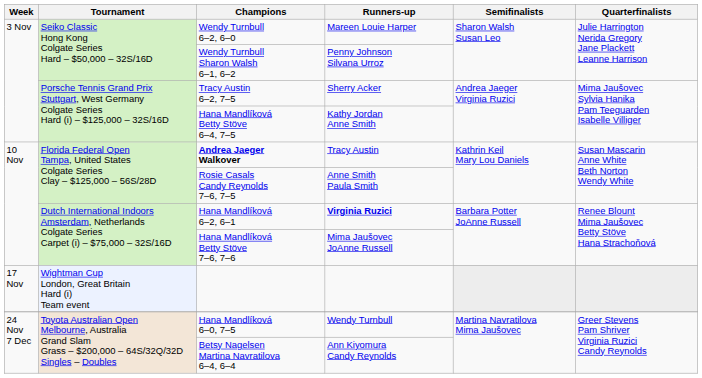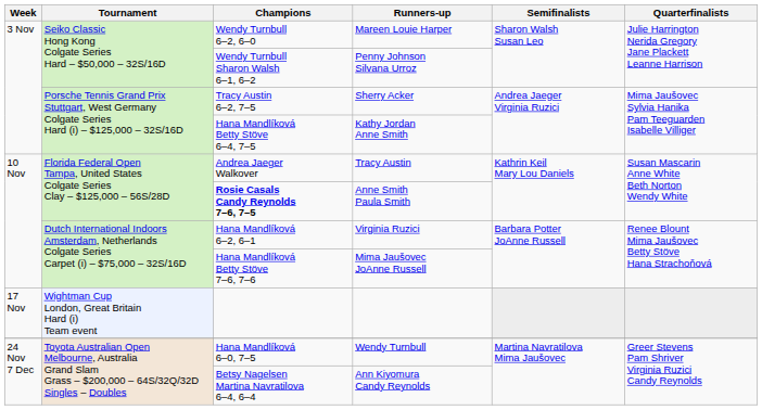 <table class=wikitable style=font-size:95%>
 <tr>
 <th style="width:48px;">Week</th>
 <th style="width:248px;">Tournament</th>
 <th style="width:200px;">Champions</th>
 <th style="width:200px;">Runners-up</th>
 <th style="width:190px;">Semifinalists</th>
 <th style="width:190px;">Quarterfinalists</th>
 </tr>
 <tr valign=top>
 <td rowspan=4>3 Nov</td>
 <td rowspan=2 bgcolor=#D4F1C5><a href='#'>Seiko Classic</a><br> Hong Kong <br>Colgate Series<br>Hard – $50,000 – 32S/16D</td>
 <td> <a href='#'>Wendy Turnbull</a><br>6–2, 6–0</td>
 <td> <a href='#'>Mareen Louie Harper</a></td>
 <td rowspan=2> <a href='#'>Sharon Walsh</a><br> <a href='#'>Susan Leo</a></td>
 <td rowspan=2> <a href='#'>Julie Harrington</a><br> <a href='#'>Nerida Gregory</a><br>  <a href='#'>Jane Plackett</a> <br> <a href='#'>Leanne Harrison</a></td>
 </tr>
 <tr valign="top">
 <td> <a href='#'>Wendy Turnbull</a><br> <a href='#'>Sharon Walsh</a> <br>6–1, 6–2</td>
 <td> <a href='#'>Penny Johnson</a><br> <a href='#'>Silvana Urroz</a></td>
 </tr>
 <tr valign=top>
 <td rowspan=2 bgcolor=#D4F1C5><a href='#'>Porsche Tennis Grand Prix</a><br> <a href='#'>Stuttgart</a>, West Germany <br>Colgate Series<br>Hard (i) – $125,000 – 32S/16D</td>
 <td> <a href='#'>Tracy Austin</a> <br>6–2, 7–5</td>
 <td> <a href='#'>Sherry Acker</a></td>
 <td rowspan=2> <a href='#'>Andrea Jaeger</a><br> <a href='#'>Virginia Ruzici</a></td>
 <td rowspan=2> <a href='#'>Mima Jaušovec</a><br>  <a href='#'>Sylvia Hanika</a><br>  <a href='#'>Pam Teeguarden</a><br> <a href='#'>Isabelle Villiger</a></td>
 </tr>
 <tr valign="top">
 <td> <a href='#'>Hana Mandlíková</a> <br> <a href='#'>Betty Stöve</a> <br>6–4, 7–5</td>
 <td> <a href='#'>Kathy Jordan</a> <br> <a href='#'>Anne Smith</a></td>
 </tr>
 <tr valign="top">
 <td rowspan=4>10 Nov</td>
 <td rowspan=2 bgcolor=#D4F1C5><a href='#'>Florida Federal Open</a><br> <a href='#'>Tampa</a>, United States<br>Colgate Series<br>Clay – $125,000 – 56S/28D</td>
-<td><strong> <a href='#'>Andrea Jaeger</a><br> Walkover</strong></td>
+<td> <a href='#'>Andrea Jaeger</a><br> Walkover</td>
 <td> <a href='#'>Tracy Austin</a></td>
 <td rowspan=2> <a href='#'>Kathrin Keil</a><br> <a href='#'>Mary Lou Daniels</a></td>
 <td rowspan=2> <a href='#'>Susan Mascarin</a><br> <a href='#'>Anne White</a><br>  <a href='#'>Beth Norton</a><br> <a href='#'>Wendy White</a></td>
 </tr>
 <tr valign="top">
-<td> <a href='#'>Rosie Casals</a><br> <a href='#'>Candy Reynolds</a><br>7–6, 7–5</td>
+<td><strong> <a href='#'>Rosie Casals</a><br> <a href='#'>Candy Reynolds</a><br>7–6, 7–5</strong></td>
 <td> <a href='#'>Anne Smith</a><br> <a href='#'>Paula Smith</a></td>
 </tr>
 <tr valign="top">
 <td rowspan=2 bgcolor=#D4F1C5><a href='#'>Dutch International Indoors</a><br> <a href='#'>Amsterdam</a>, Netherlands<br>Colgate Series<br>Carpet (i) – $75,000 – 32S/16D</td>
 <td> <a href='#'>Hana Mandlíková</a><br>6–2, 6–1</td>
-<td><strong> <a href='#'>Virginia Ruzici</a></strong></td>
+<td> <a href='#'>Virginia Ruzici</a></td>
 <td rowspan=2> <a href='#'>Barbara Potter</a><br> <a href='#'>JoAnne Russell</a></td>
 <td rowspan=2> <a href='#'>Renee Blount</a><br> <a href='#'>Mima Jaušovec</a><br>  <a href='#'>Betty Stöve</a><br> <a href='#'>Hana Strachoňová</a></td>
 </tr>
 <tr valign="top">
 <td> <a href='#'>Hana Mandlíková</a><br> <a href='#'>Betty Stöve</a><br> 7–6, 7–6</td>
 <td> <a href='#'>Mima Jaušovec</a><br> <a href='#'>JoAnne Russell</a></td>
 </tr>
 <tr valign=top>
 <td rowspan=1>17 Nov</td>
 <td style="background:#ECF2FF;"><a href='#'>Wightman Cup</a><br> London, Great Britain<br>Hard (i)<br>Team event<br></td>
 <td></td>
 <td></td>
 <td style="background:#ededed;"></td>
 <td style="background:#ededed;"><br></td>
 </tr>
 <tr valign="top">
 </tr>
 <tr valign=top>
 <td rowspan=2>24 Nov <br>7 Dec</td>
 <td rowspan=2 style="background:#F3E6D7;"><a href='#'>Toyota Australian Open</a><br> <a href='#'>Melbourne</a>, Australia <br>Grand Slam<br>Grass – $200,000 – 64S/32Q/32D <br><a href='#'>Singles</a> – <a href='#'>Doubles</a></td>
 <td> <a href='#'>Hana Mandlíková</a> <br>6–0, 7–5</td>
 <td> <a href='#'>Wendy Turnbull</a></td>
 <td rowspan=2> <a href='#'>Martina Navratilova</a> <br> <a href='#'>Mima Jaušovec</a></td>
 <td rowspan=2> <a href='#'>Greer Stevens</a> <br> <a href='#'>Pam Shriver</a><br>  <a href='#'>Virginia Ruzici</a> <br> <a href='#'>Candy Reynolds</a></td>
 </tr>
 <tr valign="top">
 <td> <a href='#'>Betsy Nagelsen</a><br> <a href='#'>Martina Navratilova</a> <br>6–4, 6–4</td>
 <td> <a href='#'>Ann Kiyomura</a><br> <a href='#'>Candy Reynolds</a></td>
 </tr>
 </table>
